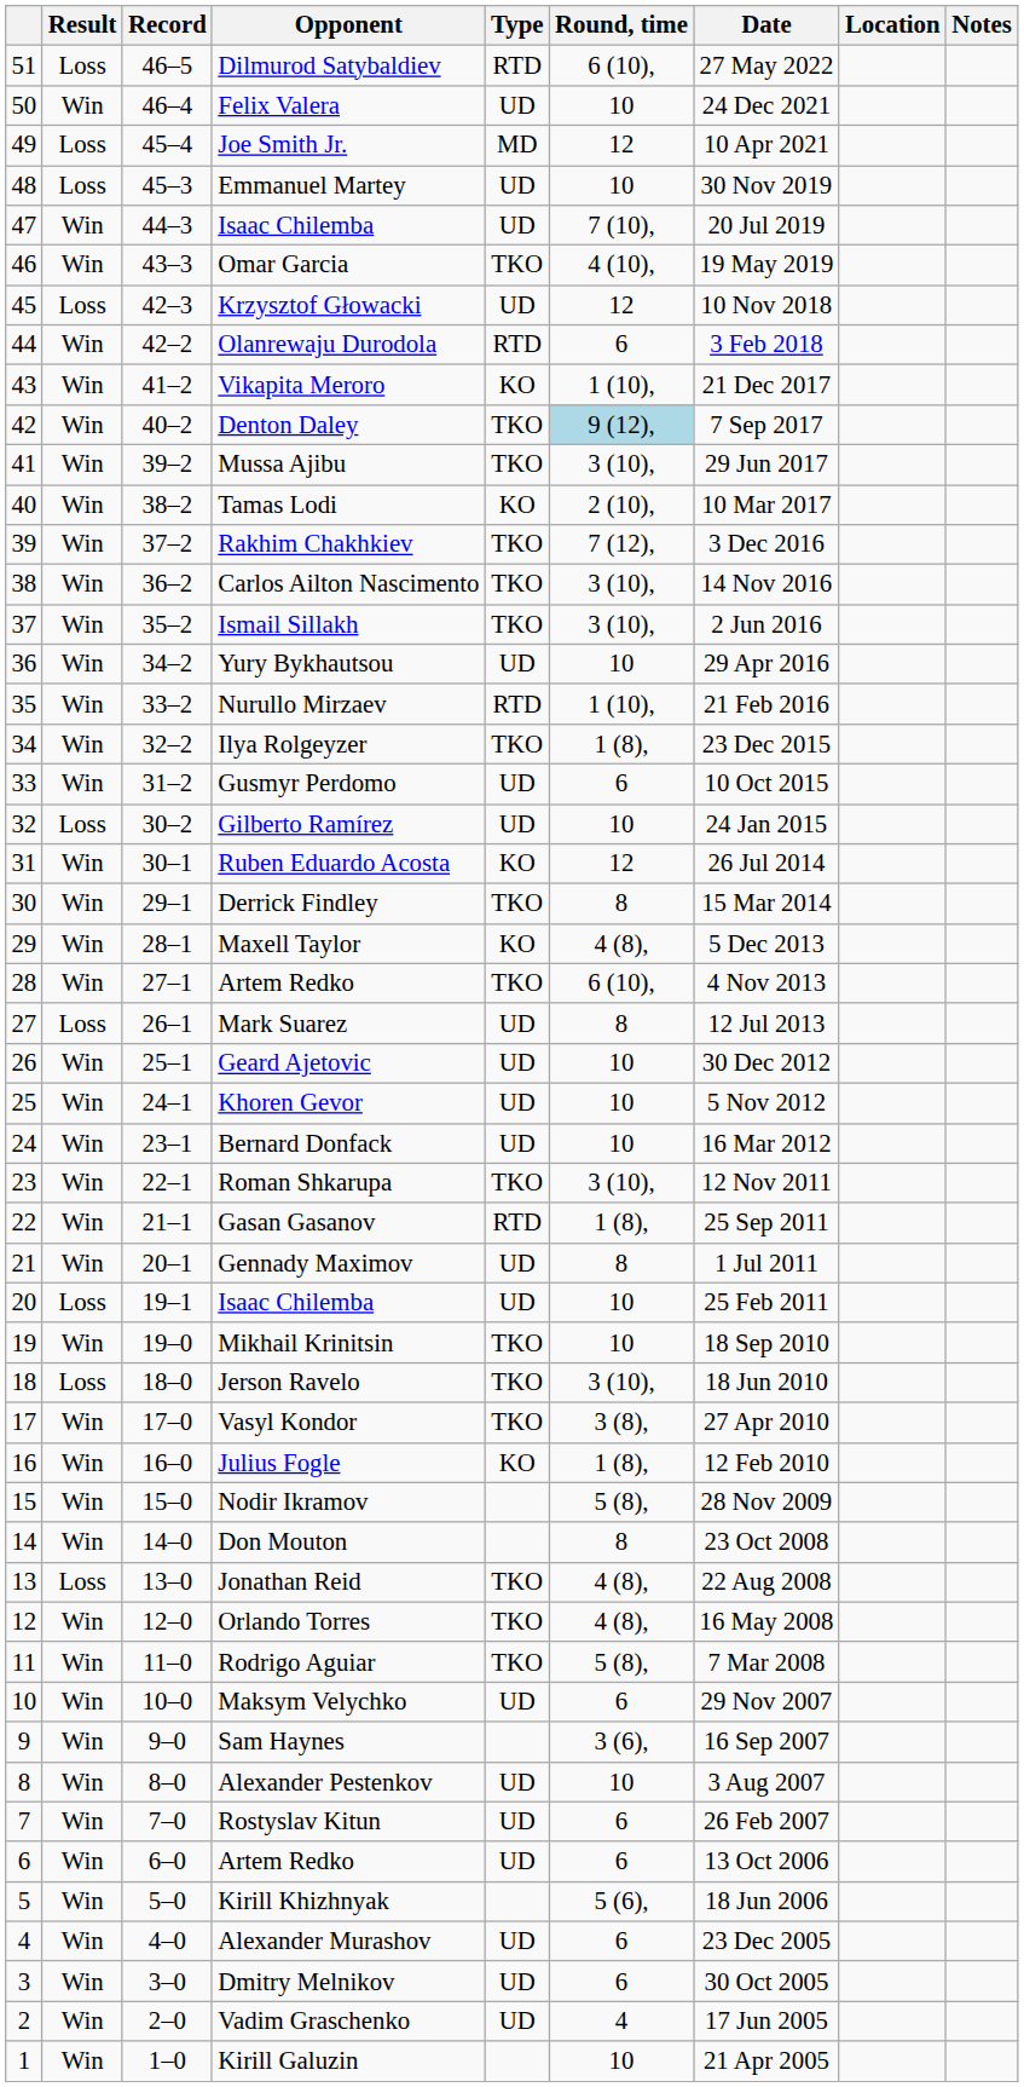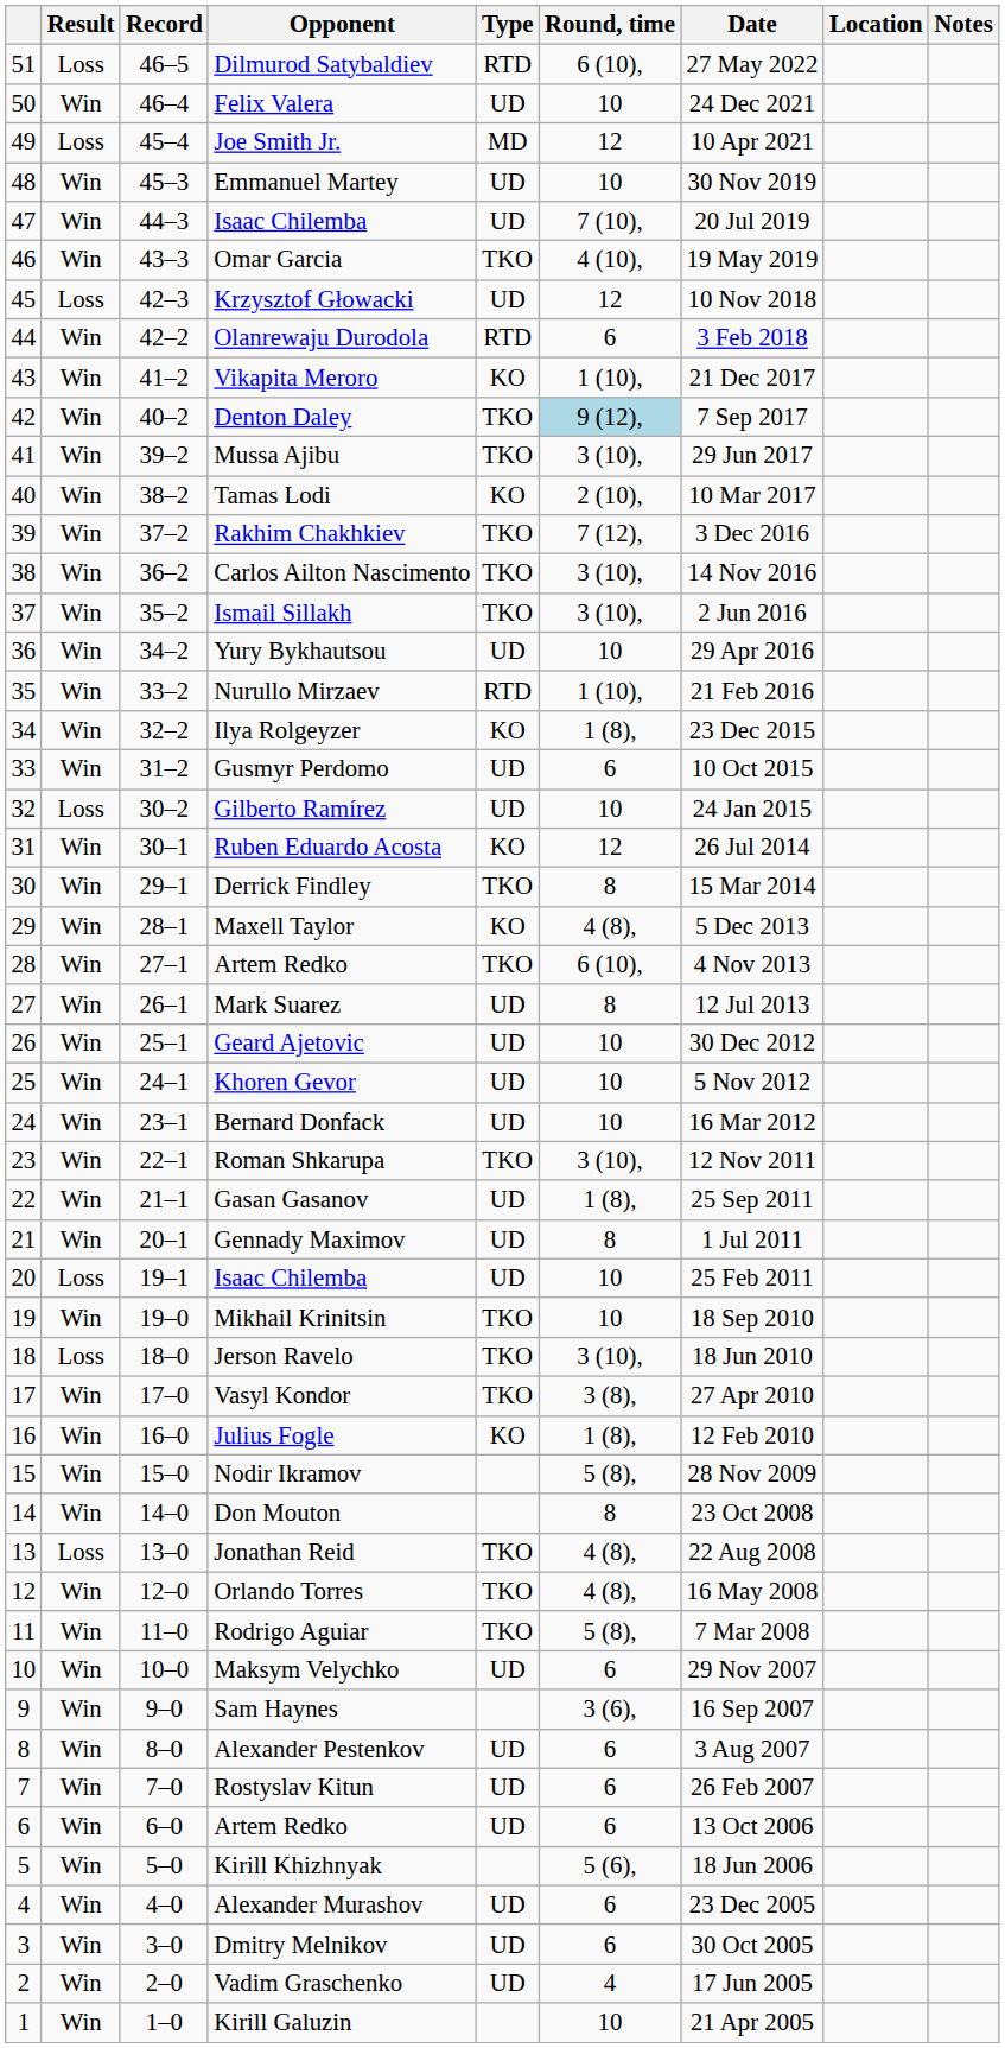 <table class="wikitable" style="text-align:center">
 <tr>
 <th></th>
 <th>Result</th>
 <th>Record</th>
 <th>Opponent</th>
 <th>Type</th>
 <th>Round, time</th>
 <th>Date</th>
 <th>Location</th>
 <th>Notes</th>
 </tr>
 <tr>
 <td>51</td>
 <td>Loss</td>
 <td>46–5</td>
 <td style="text-align:left;"><a href='#'>Dilmurod Satybaldiev</a></td>
 <td>RTD</td>
 <td>6 (10), </td>
 <td>27 May 2022</td>
 <td style="text-align:left;"></td>
 <td></td>
 </tr>
 <tr>
 <td>50</td>
 <td>Win</td>
 <td>46–4</td>
 <td style="text-align:left;"><a href='#'>Felix Valera</a></td>
 <td>UD</td>
 <td>10</td>
 <td>24 Dec 2021</td>
 <td style="text-align:left;"></td>
 <td></td>
 </tr>
 <tr>
 <td>49</td>
 <td>Loss</td>
 <td>45–4</td>
 <td style="text-align:left;"><a href='#'>Joe Smith Jr.</a></td>
 <td>MD</td>
 <td>12</td>
 <td>10 Apr 2021</td>
 <td style="text-align:left;"></td>
 <td style="text-align:left;"></td>
 </tr>
 <tr>
 <td>48</td>
-<td>Loss</td>
+<td>Win</td>
 <td>45–3</td>
 <td style="text-align:left;">Emmanuel Martey</td>
 <td>UD</td>
 <td>10</td>
 <td>30 Nov 2019</td>
 <td style="text-align:left;"></td>
 <td></td>
 </tr>
 <tr>
 <td>47</td>
 <td>Win</td>
 <td>44–3</td>
 <td style="text-align:left;"><a href='#'>Isaac Chilemba</a></td>
 <td>UD</td>
 <td>7 (10), </td>
 <td>20 Jul 2019</td>
 <td style="text-align:left;"></td>
 <td style="text-align:left;"></td>
 </tr>
 <tr>
 <td>46</td>
 <td>Win</td>
 <td>43–3</td>
 <td style="text-align:left;">Omar Garcia</td>
 <td>TKO</td>
 <td>4 (10), </td>
 <td>19 May 2019</td>
 <td style="text-align:left;"></td>
 <td></td>
 </tr>
 <tr>
 <td>45</td>
 <td>Loss</td>
 <td>42–3</td>
 <td style="text-align:left;"><a href='#'>Krzysztof Głowacki</a></td>
 <td>UD</td>
 <td>12</td>
 <td>10 Nov 2018</td>
 <td style="text-align:left;"></td>
 <td style="text-align:left;"></td>
 </tr>
 <tr>
 <td>44</td>
 <td>Win</td>
 <td>42–2</td>
 <td style="text-align:left;"><a href='#'>Olanrewaju Durodola</a></td>
 <td>RTD</td>
 <td>6</td>
 <td><a href='#'>3 Feb 2018</a></td>
 <td style="text-align:left;"></td>
 <td style="text-align:left;"></td>
 </tr>
 <tr>
 <td>43</td>
 <td>Win</td>
 <td>41–2</td>
 <td style="text-align:left;"><a href='#'>Vikapita Meroro</a></td>
 <td>KO</td>
 <td>1 (10), </td>
 <td>21 Dec 2017</td>
 <td style="text-align:left;"></td>
 <td></td>
 </tr>
 <tr>
 <td>42</td>
 <td>Win</td>
 <td>40–2</td>
 <td style="text-align:left;"><a href='#'>Denton Daley</a></td>
 <td>TKO</td>
 <td style="background: lightblue;">9 (12), </td>
 <td>7 Sep 2017</td>
 <td style="text-align:left;"></td>
 <td style="text-align:left;"></td>
 </tr>
 <tr>
 <td>41</td>
 <td>Win</td>
 <td>39–2</td>
 <td style="text-align:left;">Mussa Ajibu</td>
 <td>TKO</td>
 <td>3 (10), </td>
 <td>29 Jun 2017</td>
 <td style="text-align:left;"></td>
 <td></td>
 </tr>
 <tr>
 <td>40</td>
 <td>Win</td>
 <td>38–2</td>
 <td style="text-align:left;">Tamas Lodi</td>
 <td>KO</td>
 <td>2 (10), </td>
 <td>10 Mar 2017</td>
 <td style="text-align:left;"></td>
 <td></td>
 </tr>
 <tr>
 <td>39</td>
 <td>Win</td>
 <td>37–2</td>
 <td style="text-align:left;"><a href='#'>Rakhim Chakhkiev</a></td>
 <td>TKO</td>
 <td>7 (12), </td>
 <td>3 Dec 2016</td>
 <td style="text-align:left;"></td>
 <td style="text-align:left;"></td>
 </tr>
 <tr>
 <td>38</td>
 <td>Win</td>
 <td>36–2</td>
 <td style="text-align:left;">Carlos Ailton Nascimento</td>
 <td>TKO</td>
 <td>3 (10), </td>
 <td>14 Nov 2016</td>
 <td style="text-align:left;"></td>
 <td style="text-align:left;"></td>
 </tr>
 <tr>
 <td>37</td>
 <td>Win</td>
 <td>35–2</td>
 <td style="text-align:left;"><a href='#'>Ismail Sillakh</a></td>
 <td>TKO</td>
 <td>3 (10), </td>
 <td>2 Jun 2016</td>
 <td style="text-align:left;"></td>
 <td></td>
 </tr>
 <tr>
 <td>36</td>
 <td>Win</td>
 <td>34–2</td>
 <td style="text-align:left;">Yury Bykhautsou</td>
 <td>UD</td>
 <td>10</td>
 <td>29 Apr 2016</td>
 <td style="text-align:left;"></td>
 <td></td>
 </tr>
 <tr>
 <td>35</td>
 <td>Win</td>
 <td>33–2</td>
 <td style="text-align:left;">Nurullo Mirzaev</td>
 <td>RTD</td>
 <td>1 (10), </td>
 <td>21 Feb 2016</td>
 <td style="text-align:left;"></td>
 <td></td>
 </tr>
 <tr>
 <td>34</td>
 <td>Win</td>
 <td>32–2</td>
 <td style="text-align:left;">Ilya Rolgeyzer</td>
-<td>TKO</td>
+<td>KO</td>
 <td>1 (8), </td>
 <td>23 Dec 2015</td>
 <td style="text-align:left;"></td>
 <td></td>
 </tr>
 <tr>
 <td>33</td>
 <td>Win</td>
 <td>31–2</td>
 <td style="text-align:left;">Gusmyr Perdomo</td>
 <td>UD</td>
 <td>6</td>
 <td>10 Oct 2015</td>
 <td style="text-align:left;"></td>
 <td></td>
 </tr>
 <tr>
 <td>32</td>
 <td>Loss</td>
 <td>30–2</td>
 <td style="text-align:left;"><a href='#'>Gilberto Ramírez</a></td>
 <td>UD</td>
 <td>10</td>
 <td>24 Jan 2015</td>
 <td style="text-align:left;"></td>
 <td></td>
 </tr>
 <tr>
 <td>31</td>
 <td>Win</td>
 <td>30–1</td>
 <td style="text-align:left;"><a href='#'>Ruben Eduardo Acosta</a></td>
 <td>KO</td>
 <td>12</td>
 <td>26 Jul 2014</td>
 <td style="text-align:left;"></td>
 <td style="text-align:left;"></td>
 </tr>
 <tr>
 <td>30</td>
 <td>Win</td>
 <td>29–1</td>
 <td style="text-align:left;">Derrick Findley</td>
 <td>TKO</td>
 <td>8</td>
 <td>15 Mar 2014</td>
 <td style="text-align:left;"></td>
 <td></td>
 </tr>
 <tr>
 <td>29</td>
 <td>Win</td>
 <td>28–1</td>
 <td style="text-align:left;">Maxell Taylor</td>
 <td>KO</td>
 <td>4 (8), </td>
 <td>5 Dec 2013</td>
 <td style="text-align:left;"></td>
 <td></td>
 </tr>
 <tr>
 <td>28</td>
 <td>Win</td>
 <td>27–1</td>
 <td style="text-align:left;">Artem Redko</td>
 <td>TKO</td>
 <td>6 (10), </td>
 <td>4 Nov 2013</td>
 <td style="text-align:left;"></td>
 <td></td>
 </tr>
 <tr>
 <td>27</td>
-<td>Loss</td>
+<td>Win</td>
 <td>26–1</td>
 <td style="text-align:left;">Mark Suarez</td>
 <td>UD</td>
 <td>8</td>
 <td>12 Jul 2013</td>
 <td style="text-align:left;"></td>
 <td></td>
 </tr>
 <tr>
 <td>26</td>
 <td>Win</td>
 <td>25–1</td>
 <td style="text-align:left;"><a href='#'>Geard Ajetovic</a></td>
 <td>UD</td>
 <td>10</td>
 <td>30 Dec 2012</td>
 <td style="text-align:left;"></td>
 <td></td>
 </tr>
 <tr>
 <td>25</td>
 <td>Win</td>
 <td>24–1</td>
 <td style="text-align:left;"><a href='#'>Khoren Gevor</a></td>
 <td>UD</td>
 <td>10</td>
 <td>5 Nov 2012</td>
 <td style="text-align:left;"></td>
 <td style="text-align:left;"></td>
 </tr>
 <tr>
 <td>24</td>
 <td>Win</td>
 <td>23–1</td>
 <td style="text-align:left;">Bernard Donfack</td>
 <td>UD</td>
 <td>10</td>
 <td>16 Mar 2012</td>
 <td style="text-align:left;"></td>
 <td></td>
 </tr>
 <tr>
 <td>23</td>
 <td>Win</td>
 <td>22–1</td>
 <td style="text-align:left;">Roman Shkarupa</td>
 <td>TKO</td>
 <td>3 (10), </td>
 <td>12 Nov 2011</td>
 <td style="text-align:left;"></td>
 <td style="text-align:left;"></td>
 </tr>
 <tr>
 <td>22</td>
 <td>Win</td>
 <td>21–1</td>
 <td style="text-align:left;">Gasan Gasanov</td>
-<td>RTD</td>
+<td>UD</td>
 <td>1 (8), </td>
 <td>25 Sep 2011</td>
 <td style="text-align:left;"></td>
 <td></td>
 </tr>
 <tr>
 <td>21</td>
 <td>Win</td>
 <td>20–1</td>
 <td style="text-align:left;">Gennady Maximov</td>
 <td>UD</td>
 <td>8</td>
 <td>1 Jul 2011</td>
 <td style="text-align:left;"></td>
 <td></td>
 </tr>
 <tr>
 <td>20</td>
 <td>Loss</td>
 <td>19–1</td>
 <td style="text-align:left;"><a href='#'>Isaac Chilemba</a></td>
 <td>UD</td>
 <td>10</td>
 <td>25 Feb 2011</td>
 <td style="text-align:left;"></td>
 <td></td>
 </tr>
 <tr>
 <td>19</td>
 <td>Win</td>
 <td>19–0</td>
 <td style="text-align:left;">Mikhail Krinitsin</td>
 <td>TKO</td>
 <td>10</td>
 <td>18 Sep 2010</td>
 <td style="text-align:left;"></td>
 <td style="text-align:left;"></td>
 </tr>
 <tr>
 <td>18</td>
 <td>Loss</td>
 <td>18–0</td>
 <td style="text-align:left;">Jerson Ravelo</td>
 <td>TKO</td>
 <td>3 (10), </td>
 <td>18 Jun 2010</td>
 <td style="text-align:left;"></td>
 <td></td>
 </tr>
 <tr>
 <td>17</td>
 <td>Win</td>
 <td>17–0</td>
 <td style="text-align:left;">Vasyl Kondor</td>
 <td>TKO</td>
 <td>3 (8), </td>
 <td>27 Apr 2010</td>
 <td style="text-align:left;"></td>
 <td></td>
 </tr>
 <tr>
 <td>16</td>
 <td>Win</td>
 <td>16–0</td>
 <td style="text-align:left;"><a href='#'>Julius Fogle</a></td>
 <td>KO</td>
 <td>1 (8), </td>
 <td>12 Feb 2010</td>
 <td style="text-align:left;"></td>
 <td></td>
 </tr>
 <tr>
 <td>15</td>
 <td>Win</td>
 <td>15–0</td>
 <td style="text-align:left;">Nodir Ikramov</td>
 <td></td>
 <td>5 (8), </td>
 <td>28 Nov 2009</td>
 <td style="text-align:left;"></td>
 <td></td>
 </tr>
 <tr>
 <td>14</td>
 <td>Win</td>
 <td>14–0</td>
 <td style="text-align:left;">Don Mouton</td>
 <td></td>
 <td>8</td>
 <td>23 Oct 2008</td>
 <td style="text-align:left;"></td>
 <td></td>
 </tr>
 <tr>
 <td>13</td>
 <td>Loss</td>
 <td>13–0</td>
 <td style="text-align:left;">Jonathan Reid</td>
 <td>TKO</td>
 <td>4 (8), </td>
 <td>22 Aug 2008</td>
 <td style="text-align:left;"></td>
 <td></td>
 </tr>
 <tr>
 <td>12</td>
 <td>Win</td>
 <td>12–0</td>
 <td style="text-align:left;">Orlando Torres</td>
 <td>TKO</td>
 <td>4 (8), </td>
 <td>16 May 2008</td>
 <td style="text-align:left;"></td>
 <td></td>
 </tr>
 <tr>
 <td>11</td>
 <td>Win</td>
 <td>11–0</td>
 <td style="text-align:left;">Rodrigo Aguiar</td>
 <td>TKO</td>
 <td>5 (8), </td>
 <td>7 Mar 2008</td>
 <td style="text-align:left;"></td>
 <td></td>
 </tr>
 <tr>
 <td>10</td>
 <td>Win</td>
 <td>10–0</td>
 <td style="text-align:left;">Maksym Velychko</td>
 <td>UD</td>
 <td>6</td>
 <td>29 Nov 2007</td>
 <td style="text-align:left;"></td>
 <td></td>
 </tr>
 <tr>
 <td>9</td>
 <td>Win</td>
 <td>9–0</td>
 <td style="text-align:left;">Sam Haynes</td>
 <td></td>
 <td>3 (6), </td>
 <td>16 Sep 2007</td>
 <td style="text-align:left;"></td>
 <td></td>
 </tr>
 <tr>
 <td>8</td>
 <td>Win</td>
 <td>8–0</td>
 <td style="text-align:left;">Alexander Pestenkov</td>
 <td>UD</td>
-<td>10</td>
+<td>6</td>
 <td>3 Aug 2007</td>
 <td style="text-align:left;"></td>
 <td></td>
 </tr>
 <tr>
 <td>7</td>
 <td>Win</td>
 <td>7–0</td>
 <td style="text-align:left;">Rostyslav Kitun</td>
 <td>UD</td>
 <td>6</td>
 <td>26 Feb 2007</td>
 <td style="text-align:left;"></td>
 <td></td>
 </tr>
 <tr>
 <td>6</td>
 <td>Win</td>
 <td>6–0</td>
 <td style="text-align:left;">Artem Redko</td>
 <td>UD</td>
 <td>6</td>
 <td>13 Oct 2006</td>
 <td style="text-align:left;"></td>
 <td></td>
 </tr>
 <tr>
 <td>5</td>
 <td>Win</td>
 <td>5–0</td>
 <td style="text-align:left;">Kirill Khizhnyak</td>
 <td></td>
 <td>5 (6), </td>
 <td>18 Jun 2006</td>
 <td style="text-align:left;"></td>
 <td></td>
 </tr>
 <tr>
 <td>4</td>
 <td>Win</td>
 <td>4–0</td>
 <td style="text-align:left;">Alexander Murashov</td>
 <td>UD</td>
 <td>6</td>
 <td>23 Dec 2005</td>
 <td style="text-align:left;"></td>
 <td></td>
 </tr>
 <tr>
 <td>3</td>
 <td>Win</td>
 <td>3–0</td>
 <td style="text-align:left;">Dmitry Melnikov</td>
 <td>UD</td>
 <td>6</td>
 <td>30 Oct 2005</td>
 <td style="text-align:left;"></td>
 <td></td>
 </tr>
 <tr>
 <td>2</td>
 <td>Win</td>
 <td>2–0</td>
 <td style="text-align:left;">Vadim Graschenko</td>
 <td>UD</td>
 <td>4</td>
 <td>17 Jun 2005</td>
 <td style="text-align:left;"></td>
 <td></td>
 </tr>
 <tr>
 <td>1</td>
 <td>Win</td>
 <td>1–0</td>
 <td style="text-align:left;">Kirill Galuzin</td>
 <td></td>
 <td>10</td>
 <td>21 Apr 2005</td>
 <td style="text-align:left;"></td>
 <td></td>
 </tr>
 <tr>
 </tr>
 </table>
